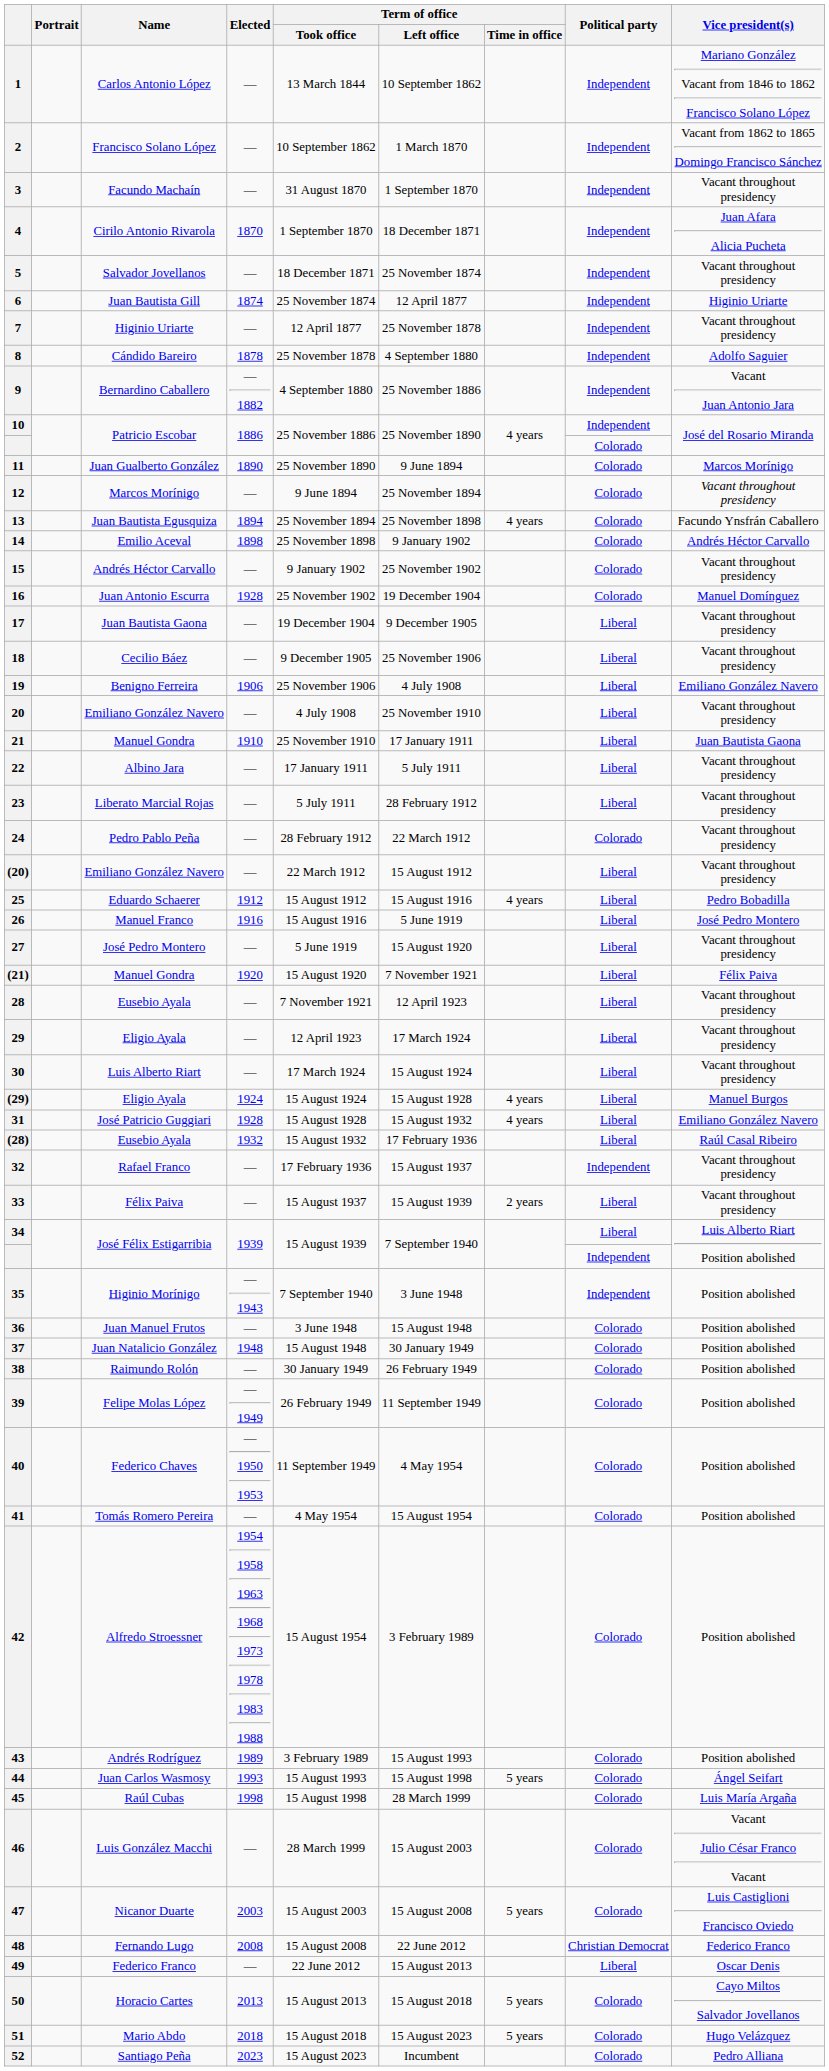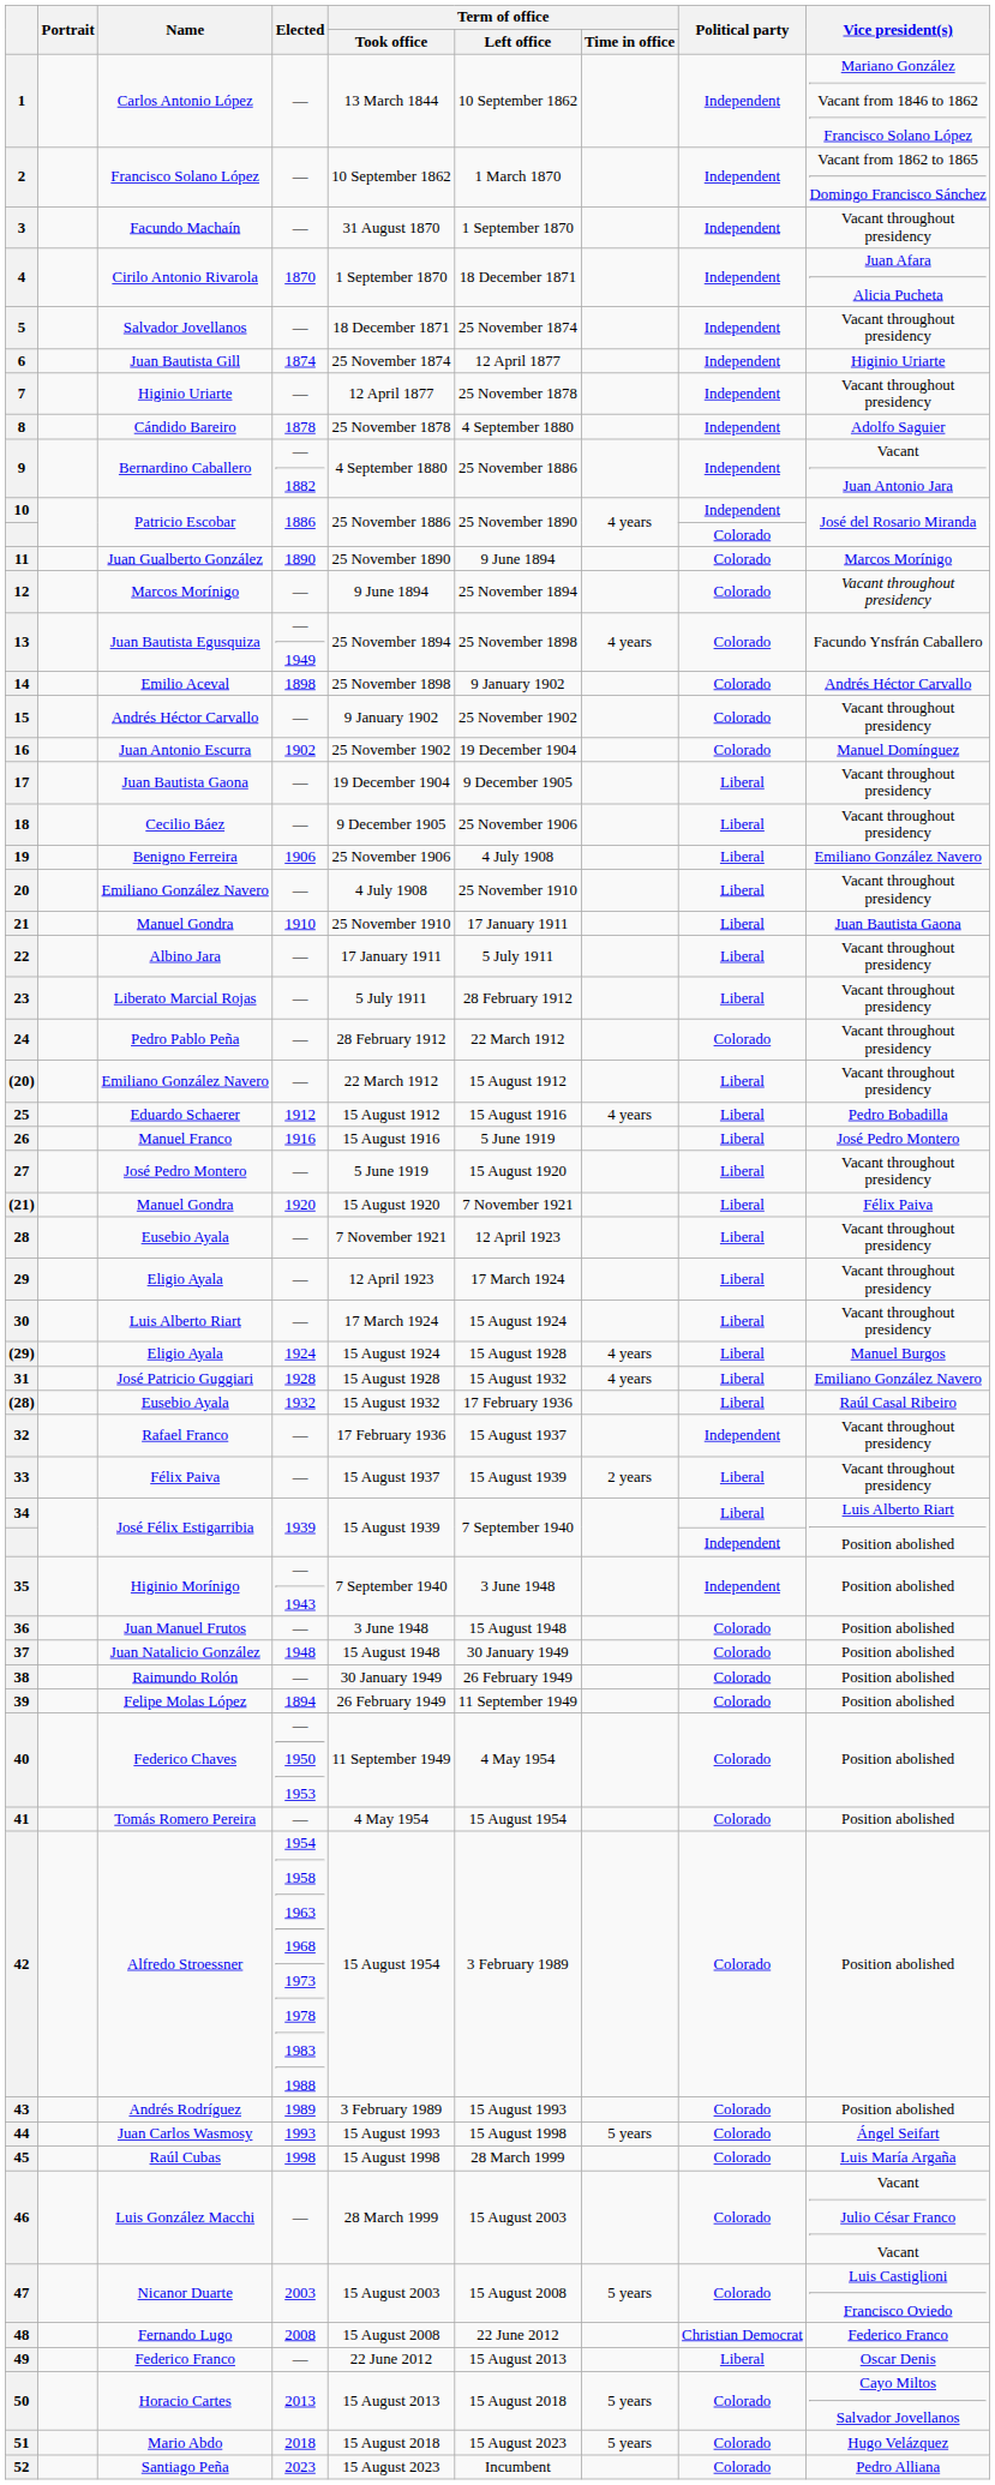 <table class="wikitable" style="text-align:center;">
 <tr>
 <th rowspan="2"></th>
 <th rowspan="2">Portrait</th>
 <th rowspan="2">Name<br></th>
 <th rowspan="2">Elected</th>
 <th colspan="3">Term of office</th>
 <th rowspan="2">Political party</th>
 <th rowspan="2"><a href='#'>Vice president(s)</a></th>
 </tr>
 <tr>
 <th>Took office</th>
 <th>Left office</th>
 <th>Time in office</th>
 </tr>
 <tr>
 <th style="background:">1</th>
 <td></td>
 <td><a href='#'>Carlos Antonio López</a><br></td>
 <td>—</td>
 <td>13 March 1844</td>
 <td>10 September 1862</td>
 <td></td>
 <td><a href='#'>Independent</a></td>
 <td><a href='#'>Mariano González</a><br><hr> Vacant from 1846 to 1862 <hr> <a href='#'>Francisco Solano López</a></td>
 </tr>
 <tr>
 <th style="background:">2</th>
 <td></td>
 <td><a href='#'>Francisco Solano López</a><br></td>
 <td>—</td>
 <td>10 September 1862</td>
 <td>1 March 1870<br></td>
 <td></td>
 <td><a href='#'>Independent</a></td>
 <td>Vacant from 1862 to 1865<br><hr> <a href='#'>Domingo Francisco Sánchez</a></td>
 </tr>
 <tr>
 <th style="background:">3</th>
 <td></td>
 <td><a href='#'>Facundo Machaín</a><br></td>
 <td>—</td>
 <td>31 August 1870</td>
 <td>1 September 1870</td>
 <td></td>
 <td><a href='#'>Independent</a></td>
 <td>Vacant throughout<br>presidency</td>
 </tr>
 <tr>
 <th style="background:">4</th>
 <td></td>
 <td><a href='#'>Cirilo Antonio Rivarola</a><br></td>
 <td><a href='#'>1870</a></td>
 <td>1 September 1870</td>
 <td>18 December 1871</td>
 <td></td>
 <td><a href='#'>Independent</a></td>
 <td><a href='#'>Juan Afara</a><br><hr> <a href='#'>Alicia Pucheta</a></td>
 </tr>
 <tr>
 <th style="background:">5</th>
 <td></td>
 <td><a href='#'>Salvador Jovellanos</a><br></td>
 <td>—</td>
 <td>18 December 1871</td>
 <td>25 November 1874</td>
 <td></td>
 <td><a href='#'>Independent</a></td>
 <td>Vacant throughout<br>presidency</td>
 </tr>
 <tr>
 <th style="background:">6</th>
 <td></td>
 <td><a href='#'>Juan Bautista Gill</a><br></td>
 <td><a href='#'>1874</a></td>
 <td>25 November 1874</td>
 <td>12 April 1877</td>
 <td></td>
 <td><a href='#'>Independent</a></td>
 <td><a href='#'>Higinio Uriarte</a></td>
 </tr>
 <tr>
 <th style="background:">7</th>
 <td></td>
 <td><a href='#'>Higinio Uriarte</a><br></td>
 <td>—</td>
 <td>12 April 1877</td>
 <td>25 November 1878</td>
 <td></td>
 <td><a href='#'>Independent</a></td>
 <td>Vacant throughout<br>presidency</td>
 </tr>
 <tr>
 <th style="background:">8</th>
 <td></td>
 <td><a href='#'>Cándido Bareiro</a><br></td>
 <td><a href='#'>1878</a></td>
 <td>25 November 1878</td>
 <td>4 September 1880</td>
 <td></td>
 <td><a href='#'>Independent</a></td>
 <td><a href='#'>Adolfo Saguier</a></td>
 </tr>
 <tr>
 <th style="background:">9</th>
 <td></td>
 <td><a href='#'>Bernardino Caballero</a><br></td>
 <td>—<br><hr> <a href='#'>1882</a></td>
 <td>4 September 1880</td>
 <td>25 November 1886</td>
 <td></td>
 <td><a href='#'>Independent</a></td>
 <td>Vacant<br><hr> <a href='#'>Juan Antonio Jara</a></td>
 </tr>
 <tr>
 <th style="background:">10</th>
 <td rowspan="2"></td>
 <td rowspan="2"><a href='#'>Patricio Escobar</a><br></td>
 <td rowspan="2"><a href='#'>1886</a></td>
 <td rowspan="2">25 November 1886</td>
 <td rowspan="2">25 November 1890</td>
 <td rowspan="2">4 years</td>
 <td><a href='#'>Independent</a><br></td>
 <td rowspan="2"><a href='#'>José del Rosario Miranda</a></td>
 </tr>
 <tr>
 <th style="background:"></th>
 <td><a href='#'>Colorado</a></td>
 </tr>
 <tr>
 <th style="background:">11</th>
 <td></td>
 <td><a href='#'>Juan Gualberto González</a><br></td>
 <td><a href='#'>1890</a></td>
 <td>25 November 1890</td>
 <td>9 June 1894</td>
 <td></td>
 <td><a href='#'>Colorado</a></td>
 <td><a href='#'>Marcos Morínigo</a></td>
 </tr>
 <tr>
 <th style="background:">12</th>
 <td></td>
 <td><a href='#'>Marcos Morínigo</a><br></td>
 <td>—</td>
 <td>9 June 1894</td>
 <td>25 November 1894</td>
 <td></td>
 <td><a href='#'>Colorado</a></td>
 <td><em>Vacant throughout<br>presidency</em></td>
 </tr>
 <tr>
 <th style="background:">13</th>
 <td></td>
 <td><a href='#'>Juan Bautista Egusquiza</a><br></td>
-<td><a href='#'>1894</a></td>
+<td>—<br><hr> <a href='#'>1949</a></td>
 <td>25 November 1894</td>
 <td>25 November 1898</td>
 <td>4 years</td>
 <td><a href='#'>Colorado</a></td>
 <td>Facundo Ynsfrán Caballero</td>
 </tr>
 <tr>
 <th style="background:">14</th>
 <td></td>
 <td><a href='#'>Emilio Aceval</a><br></td>
 <td><a href='#'>1898</a></td>
 <td>25 November 1898</td>
 <td>9 January 1902</td>
 <td></td>
 <td><a href='#'>Colorado</a></td>
 <td><a href='#'>Andrés Héctor Carvallo</a></td>
 </tr>
 <tr>
 <th style="background:">15</th>
 <td></td>
 <td><a href='#'>Andrés Héctor Carvallo</a><br></td>
 <td>—</td>
 <td>9 January 1902</td>
 <td>25 November 1902</td>
 <td></td>
 <td><a href='#'>Colorado</a></td>
 <td>Vacant throughout<br>presidency</td>
 </tr>
 <tr>
 <th style="background:">16</th>
 <td></td>
 <td><a href='#'>Juan Antonio Escurra</a><br></td>
-<td><a href='#'>1928</a></td>
+<td><a href='#'>1902</a></td>
 <td>25 November 1902</td>
 <td>19 December 1904</td>
 <td></td>
 <td><a href='#'>Colorado</a></td>
 <td><a href='#'>Manuel Domínguez</a></td>
 </tr>
 <tr>
 <th style="background:">17</th>
 <td></td>
 <td><a href='#'>Juan Bautista Gaona</a><br></td>
 <td>—</td>
 <td>19 December 1904</td>
 <td>9 December 1905</td>
 <td></td>
 <td><a href='#'>Liberal</a></td>
 <td>Vacant throughout<br>presidency</td>
 </tr>
 <tr>
 <th style="background:">18</th>
 <td></td>
 <td><a href='#'>Cecilio Báez</a><br></td>
 <td>—</td>
 <td>9 December 1905</td>
 <td>25 November 1906</td>
 <td></td>
 <td><a href='#'>Liberal</a></td>
 <td>Vacant throughout<br>presidency</td>
 </tr>
 <tr>
 <th style="background:">19</th>
 <td></td>
 <td><a href='#'>Benigno Ferreira</a><br></td>
 <td><a href='#'>1906</a></td>
 <td>25 November 1906</td>
 <td>4 July 1908</td>
 <td></td>
 <td><a href='#'>Liberal</a></td>
 <td><a href='#'>Emiliano González Navero</a></td>
 </tr>
 <tr>
 <th style="background:">20</th>
 <td></td>
 <td><a href='#'>Emiliano González Navero</a><br></td>
 <td>—</td>
 <td>4 July 1908</td>
 <td>25 November 1910</td>
 <td></td>
 <td><a href='#'>Liberal</a></td>
 <td>Vacant throughout<br>presidency</td>
 </tr>
 <tr>
 <th style="background:">21</th>
 <td></td>
 <td><a href='#'>Manuel Gondra</a><br></td>
 <td><a href='#'>1910</a></td>
 <td>25 November 1910</td>
 <td>17 January 1911</td>
 <td></td>
 <td><a href='#'>Liberal</a></td>
 <td><a href='#'>Juan Bautista Gaona</a></td>
 </tr>
 <tr>
 <th style="background:">22</th>
 <td></td>
 <td><a href='#'>Albino Jara</a><br></td>
 <td>—</td>
 <td>17 January 1911</td>
 <td>5 July 1911</td>
 <td></td>
 <td><a href='#'>Liberal</a></td>
 <td>Vacant throughout<br>presidency</td>
 </tr>
 <tr>
 <th style="background:">23</th>
 <td></td>
 <td><a href='#'>Liberato Marcial Rojas</a><br></td>
 <td>—</td>
 <td>5 July 1911</td>
 <td>28 February 1912</td>
 <td></td>
 <td><a href='#'>Liberal</a></td>
 <td>Vacant throughout<br>presidency</td>
 </tr>
 <tr>
 <th style="background:">24</th>
 <td></td>
 <td><a href='#'>Pedro Pablo Peña</a><br></td>
 <td>—</td>
 <td>28 February 1912</td>
 <td>22 March 1912</td>
 <td></td>
 <td><a href='#'>Colorado</a></td>
 <td>Vacant throughout<br>presidency</td>
 </tr>
 <tr>
 <th style="background:">(20)</th>
 <td></td>
 <td><a href='#'>Emiliano González Navero</a><br></td>
 <td>—</td>
 <td>22 March 1912</td>
 <td>15 August 1912</td>
 <td></td>
 <td><a href='#'>Liberal</a></td>
 <td>Vacant throughout<br>presidency</td>
 </tr>
 <tr>
 <th style="background:">25</th>
 <td></td>
 <td><a href='#'>Eduardo Schaerer</a><br></td>
 <td><a href='#'>1912</a></td>
 <td>15 August 1912</td>
 <td>15 August 1916</td>
 <td>4 years</td>
 <td><a href='#'>Liberal</a></td>
 <td><a href='#'>Pedro Bobadilla</a></td>
 </tr>
 <tr>
 <th style="background:">26</th>
 <td></td>
 <td><a href='#'>Manuel Franco</a><br></td>
 <td><a href='#'>1916</a></td>
 <td>15 August 1916</td>
 <td>5 June 1919</td>
 <td></td>
 <td><a href='#'>Liberal</a></td>
 <td><a href='#'>José Pedro Montero</a></td>
 </tr>
 <tr>
 <th style="background:">27</th>
 <td></td>
 <td><a href='#'>José Pedro Montero</a><br></td>
 <td>—</td>
 <td>5 June 1919</td>
 <td>15 August 1920</td>
 <td></td>
 <td><a href='#'>Liberal</a></td>
 <td>Vacant throughout<br>presidency</td>
 </tr>
 <tr>
 <th style="background:">(21)</th>
 <td></td>
 <td><a href='#'>Manuel Gondra</a><br></td>
 <td><a href='#'>1920</a></td>
 <td>15 August 1920</td>
 <td>7 November 1921</td>
 <td></td>
 <td><a href='#'>Liberal</a></td>
 <td><a href='#'>Félix Paiva</a></td>
 </tr>
 <tr>
 <th style="background:">28</th>
 <td></td>
 <td><a href='#'>Eusebio Ayala</a><br></td>
 <td>—</td>
 <td>7 November 1921</td>
 <td>12 April 1923</td>
 <td></td>
 <td><a href='#'>Liberal</a></td>
 <td>Vacant throughout<br>presidency</td>
 </tr>
 <tr>
 <th style="background:">29</th>
 <td></td>
 <td><a href='#'>Eligio Ayala</a><br></td>
 <td>—</td>
 <td>12 April 1923</td>
 <td>17 March 1924</td>
 <td></td>
 <td><a href='#'>Liberal</a></td>
 <td>Vacant throughout<br>presidency</td>
 </tr>
 <tr>
 <th style="background:">30</th>
 <td></td>
 <td><a href='#'>Luis Alberto Riart</a><br></td>
 <td>—</td>
 <td>17 March 1924</td>
 <td>15 August 1924</td>
 <td></td>
 <td><a href='#'>Liberal</a></td>
 <td>Vacant throughout<br>presidency</td>
 </tr>
 <tr>
 <th style="background:">(29)</th>
 <td></td>
 <td><a href='#'>Eligio Ayala</a><br></td>
 <td><a href='#'>1924</a></td>
 <td>15 August 1924</td>
 <td>15 August 1928</td>
 <td>4 years</td>
 <td><a href='#'>Liberal</a></td>
 <td><a href='#'>Manuel Burgos</a></td>
 </tr>
 <tr>
 <th style="background:">31</th>
 <td></td>
 <td><a href='#'>José Patricio Guggiari</a><br></td>
 <td><a href='#'>1928</a></td>
 <td>15 August 1928</td>
 <td>15 August 1932</td>
 <td>4 years</td>
 <td><a href='#'>Liberal</a></td>
 <td><a href='#'>Emiliano González Navero</a></td>
 </tr>
 <tr>
 <th style="background:">(28)</th>
 <td></td>
 <td><a href='#'>Eusebio Ayala</a><br></td>
 <td><a href='#'>1932</a></td>
 <td>15 August 1932</td>
 <td>17 February 1936</td>
 <td></td>
 <td><a href='#'>Liberal</a></td>
 <td><a href='#'>Raúl Casal Ribeiro</a></td>
 </tr>
 <tr>
 <th style="background:">32</th>
 <td></td>
 <td><a href='#'>Rafael Franco</a><br></td>
 <td>—</td>
 <td>17 February 1936</td>
 <td>15 August 1937</td>
 <td></td>
 <td><a href='#'>Independent</a></td>
 <td>Vacant throughout<br>presidency</td>
 </tr>
 <tr>
 <th style="background:">33</th>
 <td></td>
 <td><a href='#'>Félix Paiva</a><br></td>
 <td>—</td>
 <td>15 August 1937</td>
 <td>15 August 1939</td>
 <td>2 years</td>
 <td><a href='#'>Liberal</a></td>
 <td>Vacant throughout<br>presidency</td>
 </tr>
 <tr>
 <th style="background:">34</th>
 <td rowspan="2"></td>
 <td rowspan="2"><a href='#'>José Félix Estigarribia</a><br></td>
 <td rowspan="2"><a href='#'>1939</a></td>
 <td rowspan="2">15 August 1939</td>
 <td rowspan="2">7 September 1940</td>
 <td rowspan="2"></td>
 <td><a href='#'>Liberal</a></td>
 <td rowspan="2"><a href='#'>Luis Alberto Riart</a><br><hr> Position abolished</td>
 </tr>
 <tr>
 <th style="background:"></th>
 <td><a href='#'>Independent</a><br></td>
 </tr>
 <tr>
 <th style="background:">35</th>
 <td></td>
 <td><a href='#'>Higinio Morínigo</a><br></td>
 <td>—<br><hr> <a href='#'>1943</a></td>
 <td>7 September 1940</td>
 <td>3 June 1948</td>
 <td></td>
 <td><a href='#'>Independent</a></td>
 <td>Position abolished</td>
 </tr>
 <tr>
 <th style="background:">36</th>
 <td></td>
 <td><a href='#'>Juan Manuel Frutos</a><br></td>
 <td>—</td>
 <td>3 June 1948</td>
 <td>15 August 1948</td>
 <td></td>
 <td><a href='#'>Colorado</a></td>
 <td>Position abolished</td>
 </tr>
 <tr>
 <th style="background:">37</th>
 <td></td>
 <td><a href='#'>Juan Natalicio González</a><br></td>
 <td><a href='#'>1948</a></td>
 <td>15 August 1948</td>
 <td>30 January 1949</td>
 <td></td>
 <td><a href='#'>Colorado</a><br></td>
 <td>Position abolished</td>
 </tr>
 <tr>
 <th style="background:">38</th>
 <td></td>
 <td><a href='#'>Raimundo Rolón</a><br></td>
 <td>—</td>
 <td>30 January 1949</td>
 <td>26 February 1949</td>
 <td></td>
 <td><a href='#'>Colorado</a></td>
 <td>Position abolished</td>
 </tr>
 <tr>
 <th style="background:">39</th>
 <td></td>
 <td><a href='#'>Felipe Molas López</a><br></td>
-<td>—<br><hr> <a href='#'>1949</a></td>
+<td><a href='#'>1894</a></td>
 <td>26 February 1949</td>
 <td>11 September 1949</td>
 <td></td>
 <td><a href='#'>Colorado</a></td>
 <td>Position abolished</td>
 </tr>
 <tr>
 <th style="background:">40</th>
 <td></td>
 <td><a href='#'>Federico Chaves</a><br></td>
 <td>—<br><hr> <a href='#'>1950</a> <hr> <a href='#'>1953</a></td>
 <td>11 September 1949</td>
 <td>4 May 1954</td>
 <td></td>
 <td><a href='#'>Colorado</a></td>
 <td>Position abolished</td>
 </tr>
 <tr>
 <th style="background:">41</th>
 <td></td>
 <td><a href='#'>Tomás Romero Pereira</a><br></td>
 <td>—</td>
 <td>4 May 1954</td>
 <td>15 August 1954</td>
 <td></td>
 <td><a href='#'>Colorado</a></td>
 <td>Position abolished</td>
 </tr>
 <tr>
 <th style="background:">42</th>
 <td></td>
 <td><a href='#'>Alfredo Stroessner</a><br></td>
 <td><a href='#'>1954</a><br><hr> <a href='#'>1958</a> <hr> <a href='#'>1963</a> <hr> <a href='#'>1968</a> <hr> <a href='#'>1973</a> <hr> <a href='#'>1978</a> <hr> <a href='#'>1983</a> <hr> <a href='#'>1988</a></td>
 <td>15 August 1954</td>
 <td>3 February 1989</td>
 <td></td>
 <td><a href='#'>Colorado</a></td>
 <td>Position abolished</td>
 </tr>
 <tr>
 <th style="background:">43</th>
 <td></td>
 <td><a href='#'>Andrés Rodríguez</a><br></td>
 <td><a href='#'>1989</a></td>
 <td>3 February 1989</td>
 <td>15 August 1993</td>
 <td></td>
 <td><a href='#'>Colorado</a></td>
 <td>Position abolished</td>
 </tr>
 <tr>
 <th style="background:">44</th>
 <td></td>
 <td><a href='#'>Juan Carlos Wasmosy</a><br></td>
 <td><a href='#'>1993</a></td>
 <td>15 August 1993</td>
 <td>15 August 1998</td>
 <td>5 years</td>
 <td><a href='#'>Colorado</a></td>
 <td><a href='#'>Ángel Seifart</a></td>
 </tr>
 <tr>
 <th style="background:">45</th>
 <td></td>
 <td><a href='#'>Raúl Cubas</a><br></td>
 <td><a href='#'>1998</a></td>
 <td>15 August 1998</td>
 <td>28 March 1999</td>
 <td></td>
 <td><a href='#'>Colorado</a></td>
 <td><a href='#'>Luis María Argaña</a></td>
 </tr>
 <tr>
 <th style="background:">46</th>
 <td></td>
 <td><a href='#'>Luis González Macchi</a><br></td>
 <td>—</td>
 <td>28 March 1999</td>
 <td>15 August 2003</td>
 <td></td>
 <td><a href='#'>Colorado</a></td>
 <td>Vacant<br><hr> <a href='#'>Julio César Franco</a> <hr> Vacant</td>
 </tr>
 <tr>
 <th style="background-color:">47</th>
 <td></td>
 <td><a href='#'>Nicanor Duarte</a><br></td>
 <td><a href='#'>2003</a></td>
 <td>15 August 2003</td>
 <td>15 August 2008</td>
 <td>5 years</td>
 <td><a href='#'>Colorado</a></td>
 <td><a href='#'>Luis Castiglioni</a><br><hr> <a href='#'>Francisco Oviedo</a></td>
 </tr>
 <tr>
 <th style="background:">48</th>
 <td></td>
 <td><a href='#'>Fernando Lugo</a><br></td>
 <td><a href='#'>2008</a></td>
 <td>15 August 2008</td>
 <td>22 June 2012</td>
 <td></td>
 <td><a href='#'>Christian Democrat</a><br></td>
 <td><a href='#'>Federico Franco</a></td>
 </tr>
 <tr>
 <th style="background:">49</th>
 <td></td>
 <td><a href='#'>Federico Franco</a><br></td>
 <td>—</td>
 <td>22 June 2012</td>
 <td>15 August 2013</td>
 <td></td>
 <td><a href='#'>Liberal</a></td>
 <td><a href='#'>Oscar Denis</a></td>
 </tr>
 <tr>
 <th style="background:">50</th>
 <td></td>
 <td><a href='#'>Horacio Cartes</a><br></td>
 <td><a href='#'>2013</a></td>
 <td>15 August 2013</td>
 <td>15 August 2018</td>
 <td>5 years</td>
 <td><a href='#'>Colorado</a></td>
 <td><a href='#'>Cayo Miltos</a><br><hr> <a href='#'>Salvador Jovellanos</a></td>
 </tr>
 <tr>
 <th style="background:">51</th>
 <td></td>
 <td><a href='#'>Mario Abdo</a><br></td>
 <td><a href='#'>2018</a></td>
 <td>15 August 2018</td>
 <td>15 August 2023</td>
 <td>5 years</td>
 <td><a href='#'>Colorado</a></td>
 <td><a href='#'>Hugo Velázquez</a></td>
 </tr>
 <tr>
 <th style="background:">52</th>
 <td></td>
 <td><a href='#'>Santiago Peña</a><br></td>
 <td><a href='#'>2023</a></td>
 <td>15 August 2023</td>
 <td>Incumbent</td>
 <td></td>
 <td><a href='#'>Colorado</a></td>
 <td><a href='#'>Pedro Alliana</a></td>
 </tr>
 </table>
